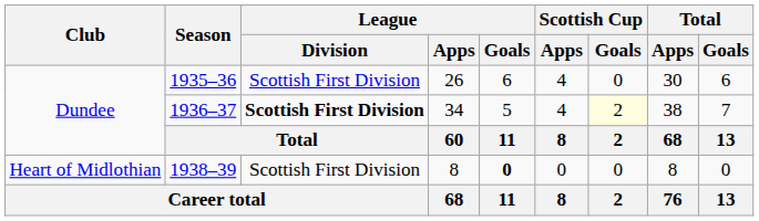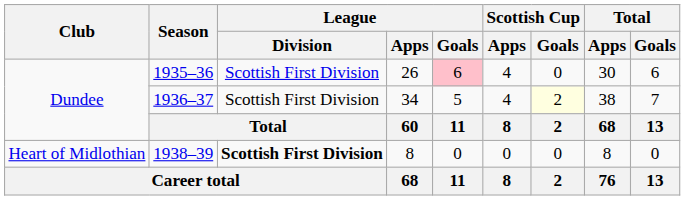 <table class="wikitable" style="text-align: center;">
 <tr>
 <th rowspan="2">Club</th>
 <th rowspan="2">Season</th>
 <th colspan="3">League</th>
 <th colspan="2">Scottish Cup</th>
 <th colspan="2">Total</th>
 </tr>
 <tr>
 <th>Division</th>
 <th>Apps</th>
 <th>Goals</th>
 <th>Apps</th>
 <th>Goals</th>
 <th>Apps</th>
 <th>Goals</th>
 </tr>
 <tr>
 <td rowspan="3"><a href='#'>Dundee</a></td>
 <td><a href='#'>1935–36</a></td>
 <td><a href='#'>Scottish First Division</a></td>
 <td>26</td>
-<td>6</td>
+<td style="background: pink;">6</td>
 <td>4</td>
 <td>0</td>
 <td>30</td>
 <td>6</td>
 </tr>
 <tr>
 <td><a href='#'>1936–37</a></td>
-<td><strong>Scottish First Division</strong></td>
+<td>Scottish First Division</td>
 <td>34</td>
 <td>5</td>
 <td>4</td>
 <td style="background: lightyellow;">2</td>
 <td>38</td>
 <td>7</td>
 </tr>
 <tr>
 <th colspan="2">Total</th>
 <th>60</th>
 <th>11</th>
 <th>8</th>
 <th>2</th>
 <th>68</th>
 <th>13</th>
 </tr>
 <tr>
 <td><a href='#'>Heart of Midlothian</a></td>
 <td><a href='#'>1938–39</a></td>
-<td>Scottish First Division</td>
+<td><strong>Scottish First Division</strong></td>
 <td>8</td>
-<td><strong>0</strong></td>
+<td>0</td>
 <td>0</td>
 <td>0</td>
 <td>8</td>
 <td>0</td>
 </tr>
 <tr>
 <th colspan="3">Career total</th>
 <th>68</th>
 <th>11</th>
 <th>8</th>
 <th>2</th>
 <th>76</th>
 <th>13</th>
 </tr>
 </table>
